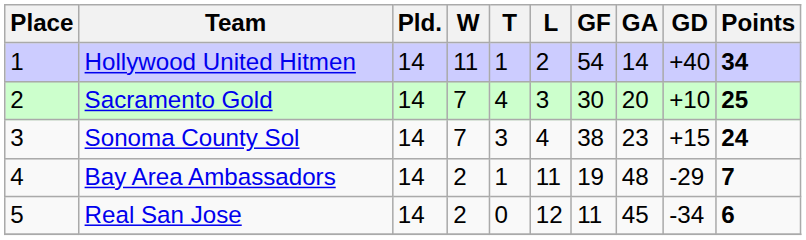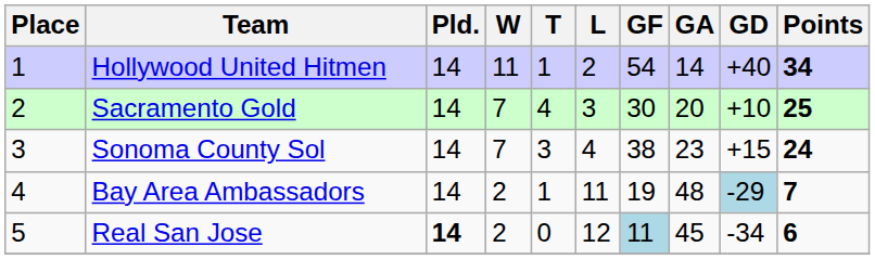 <table class="wikitable">
 <tr>
 <th>Place</th>
 <th width="200">Team</th>
 <th width="20">Pld.</th>
 <th width="20">W</th>
 <th width="20">T</th>
 <th width="20">L</th>
 <th width="20">GF</th>
 <th width="20">GA</th>
 <th width="25">GD</th>
 <th>Points</th>
 </tr>
 <tr bgcolor=#CCCCFF>
 <td>1</td>
 <td><a href='#'>Hollywood United Hitmen</a></td>
 <td>14</td>
 <td>11</td>
 <td>1</td>
 <td>2</td>
 <td>54</td>
 <td>14</td>
 <td>+40</td>
 <td><strong>34</strong></td>
 </tr>
 <tr bgcolor=#CCFFCC>
 <td>2</td>
 <td><a href='#'>Sacramento Gold</a></td>
 <td>14</td>
 <td>7</td>
 <td>4</td>
 <td>3</td>
 <td>30</td>
 <td>20</td>
 <td>+10</td>
 <td><strong>25</strong></td>
 </tr>
 <tr>
 <td>3</td>
 <td><a href='#'>Sonoma County Sol</a></td>
 <td>14</td>
 <td>7</td>
 <td>3</td>
 <td>4</td>
 <td>38</td>
 <td>23</td>
 <td>+15</td>
 <td><strong>24</strong></td>
 </tr>
 <tr>
 <td>4</td>
 <td><a href='#'>Bay Area Ambassadors</a></td>
 <td>14</td>
 <td>2</td>
 <td>1</td>
 <td>11</td>
 <td>19</td>
 <td>48</td>
-<td>-29</td>
+<td style="background: lightblue;">-29</td>
 <td><strong>7</strong></td>
 </tr>
 <tr>
 <td>5</td>
 <td><a href='#'>Real San Jose</a></td>
-<td>14</td>
+<td><strong>14</strong></td>
 <td>2</td>
 <td>0</td>
 <td>12</td>
-<td>11</td>
+<td style="background: lightblue;">11</td>
 <td>45</td>
 <td>-34</td>
 <td><strong>6</strong></td>
 </tr>
 <tr>
 </tr>
 </table>
